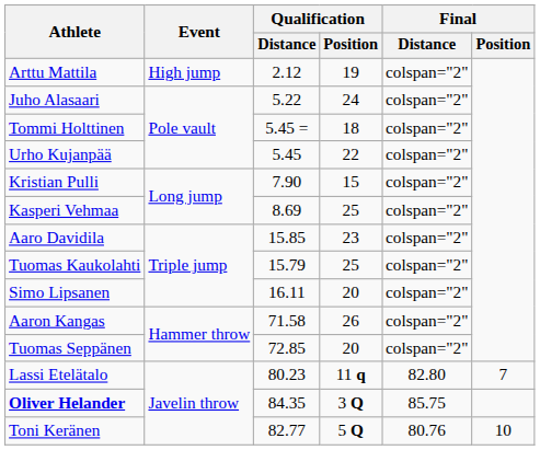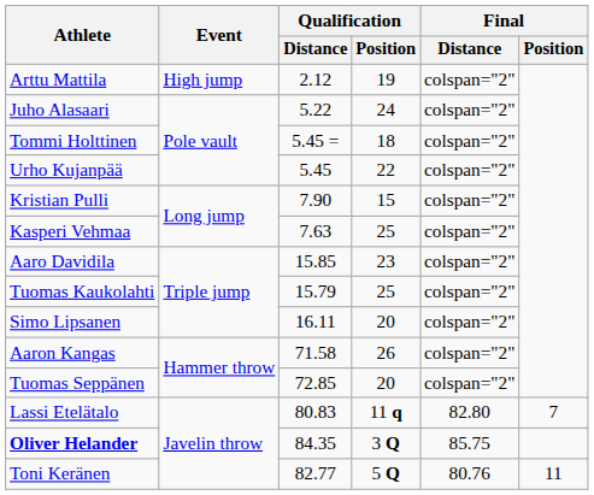 <table class="wikitable" style="font-size:90%">
 <tr>
 <th rowspan="2">Athlete</th>
 <th rowspan="2">Event</th>
 <th colspan="2">Qualification</th>
 <th colspan="2">Final</th>
 </tr>
 <tr style="font-size:95%">
 <th>Distance</th>
 <th>Position</th>
 <th>Distance</th>
 <th>Position</th>
 </tr>
 <tr align="center">
 <td align="left"><a href='#'>Arttu Mattila</a></td>
 <td align="left"><a href='#'>High jump</a></td>
 <td>2.12</td>
 <td>19</td>
 <td>colspan="2" </td>
 </tr>
 <tr align="center">
 <td align="left"><a href='#'>Juho Alasaari</a></td>
 <td rowspan="3" align="left"><a href='#'>Pole vault</a></td>
 <td>5.22</td>
 <td>24</td>
 <td>colspan="2" </td>
 </tr>
 <tr align="center">
 <td align="left"><a href='#'>Tommi Holttinen</a></td>
 <td>5.45 =</td>
 <td>18</td>
 <td>colspan="2" </td>
 </tr>
 <tr align="center">
 <td align="left"><a href='#'>Urho Kujanpää</a></td>
 <td>5.45</td>
 <td>22</td>
 <td>colspan="2" </td>
 </tr>
 <tr align="center">
 <td align="left"><a href='#'>Kristian Pulli</a></td>
 <td rowspan="2" align="left"><a href='#'>Long jump</a></td>
 <td>7.90 </td>
 <td>15</td>
 <td>colspan="2" </td>
 </tr>
 <tr align="center">
 <td align="left"><a href='#'>Kasperi Vehmaa</a></td>
-<td>8.69</td>
+<td>7.63</td>
 <td>25</td>
 <td>colspan="2" </td>
 </tr>
 <tr align="center">
 <td align="left"><a href='#'>Aaro Davidila</a></td>
 <td rowspan="3" align="left"><a href='#'>Triple jump</a></td>
 <td>15.85</td>
 <td>23</td>
 <td>colspan="2" </td>
 </tr>
 <tr align="center">
 <td align="left"><a href='#'>Tuomas Kaukolahti</a></td>
 <td>15.79</td>
 <td>25</td>
 <td>colspan="2" </td>
 </tr>
 <tr align="center">
 <td align="left"><a href='#'>Simo Lipsanen</a></td>
 <td>16.11</td>
 <td>20</td>
 <td>colspan="2" </td>
 </tr>
 <tr align="center">
 <td align="left"><a href='#'>Aaron Kangas</a></td>
 <td rowspan="2" align="left"><a href='#'>Hammer throw</a></td>
 <td>71.58</td>
 <td>26</td>
 <td>colspan="2" </td>
 </tr>
 <tr align="center">
 <td align="left"><a href='#'>Tuomas Seppänen</a></td>
 <td>72.85</td>
 <td>20</td>
 <td>colspan="2" </td>
 </tr>
 <tr align="center">
 <td align="left"><a href='#'>Lassi Etelätalo</a></td>
 <td rowspan="3" align="left"><a href='#'>Javelin throw</a></td>
-<td>80.23</td>
+<td>80.83</td>
 <td>11 <strong>q</strong></td>
 <td>82.80 </td>
 <td>7</td>
 </tr>
 <tr align="center">
 <td align="left"><strong><a href='#'>Oliver Helander</a></strong></td>
 <td>84.35</td>
 <td>3 <strong>Q</strong></td>
 <td>85.75 </td>
 <td></td>
 </tr>
 <tr align="center">
 <td align="left"><a href='#'>Toni Keränen</a></td>
 <td>82.77 </td>
 <td>5 <strong>Q</strong></td>
 <td>80.76</td>
-<td>10</td>
+<td>11</td>
 </tr>
 </table>
